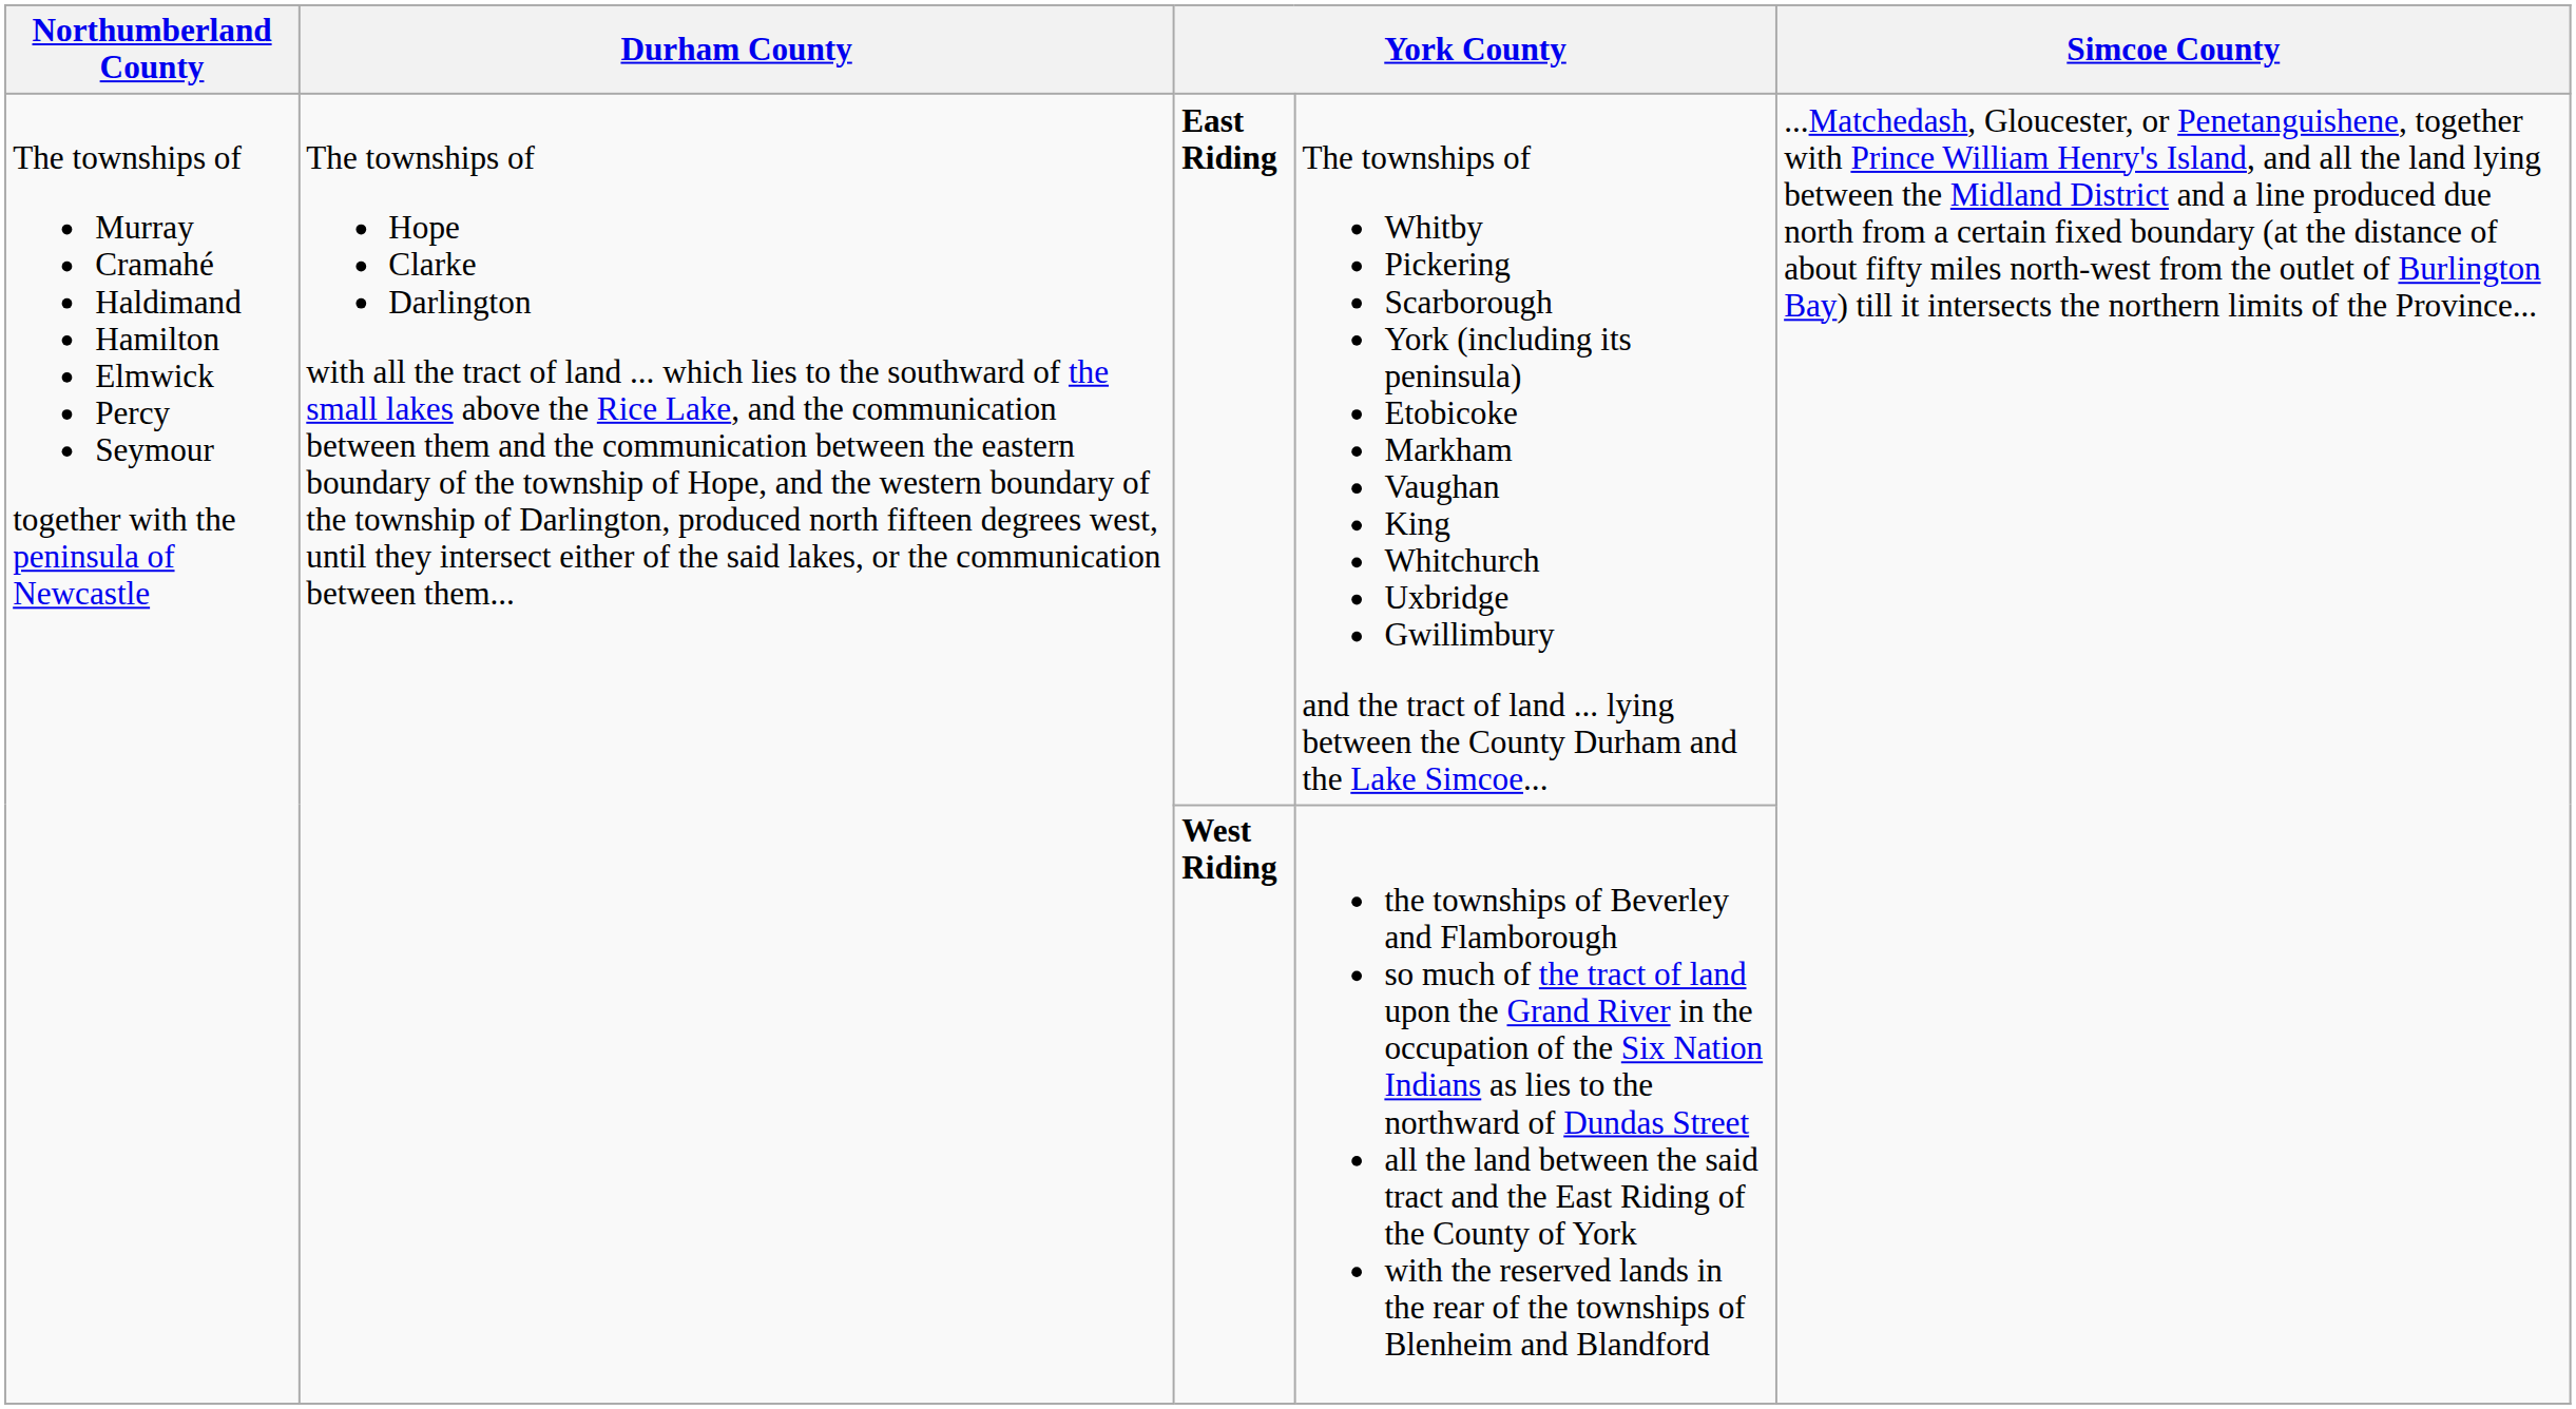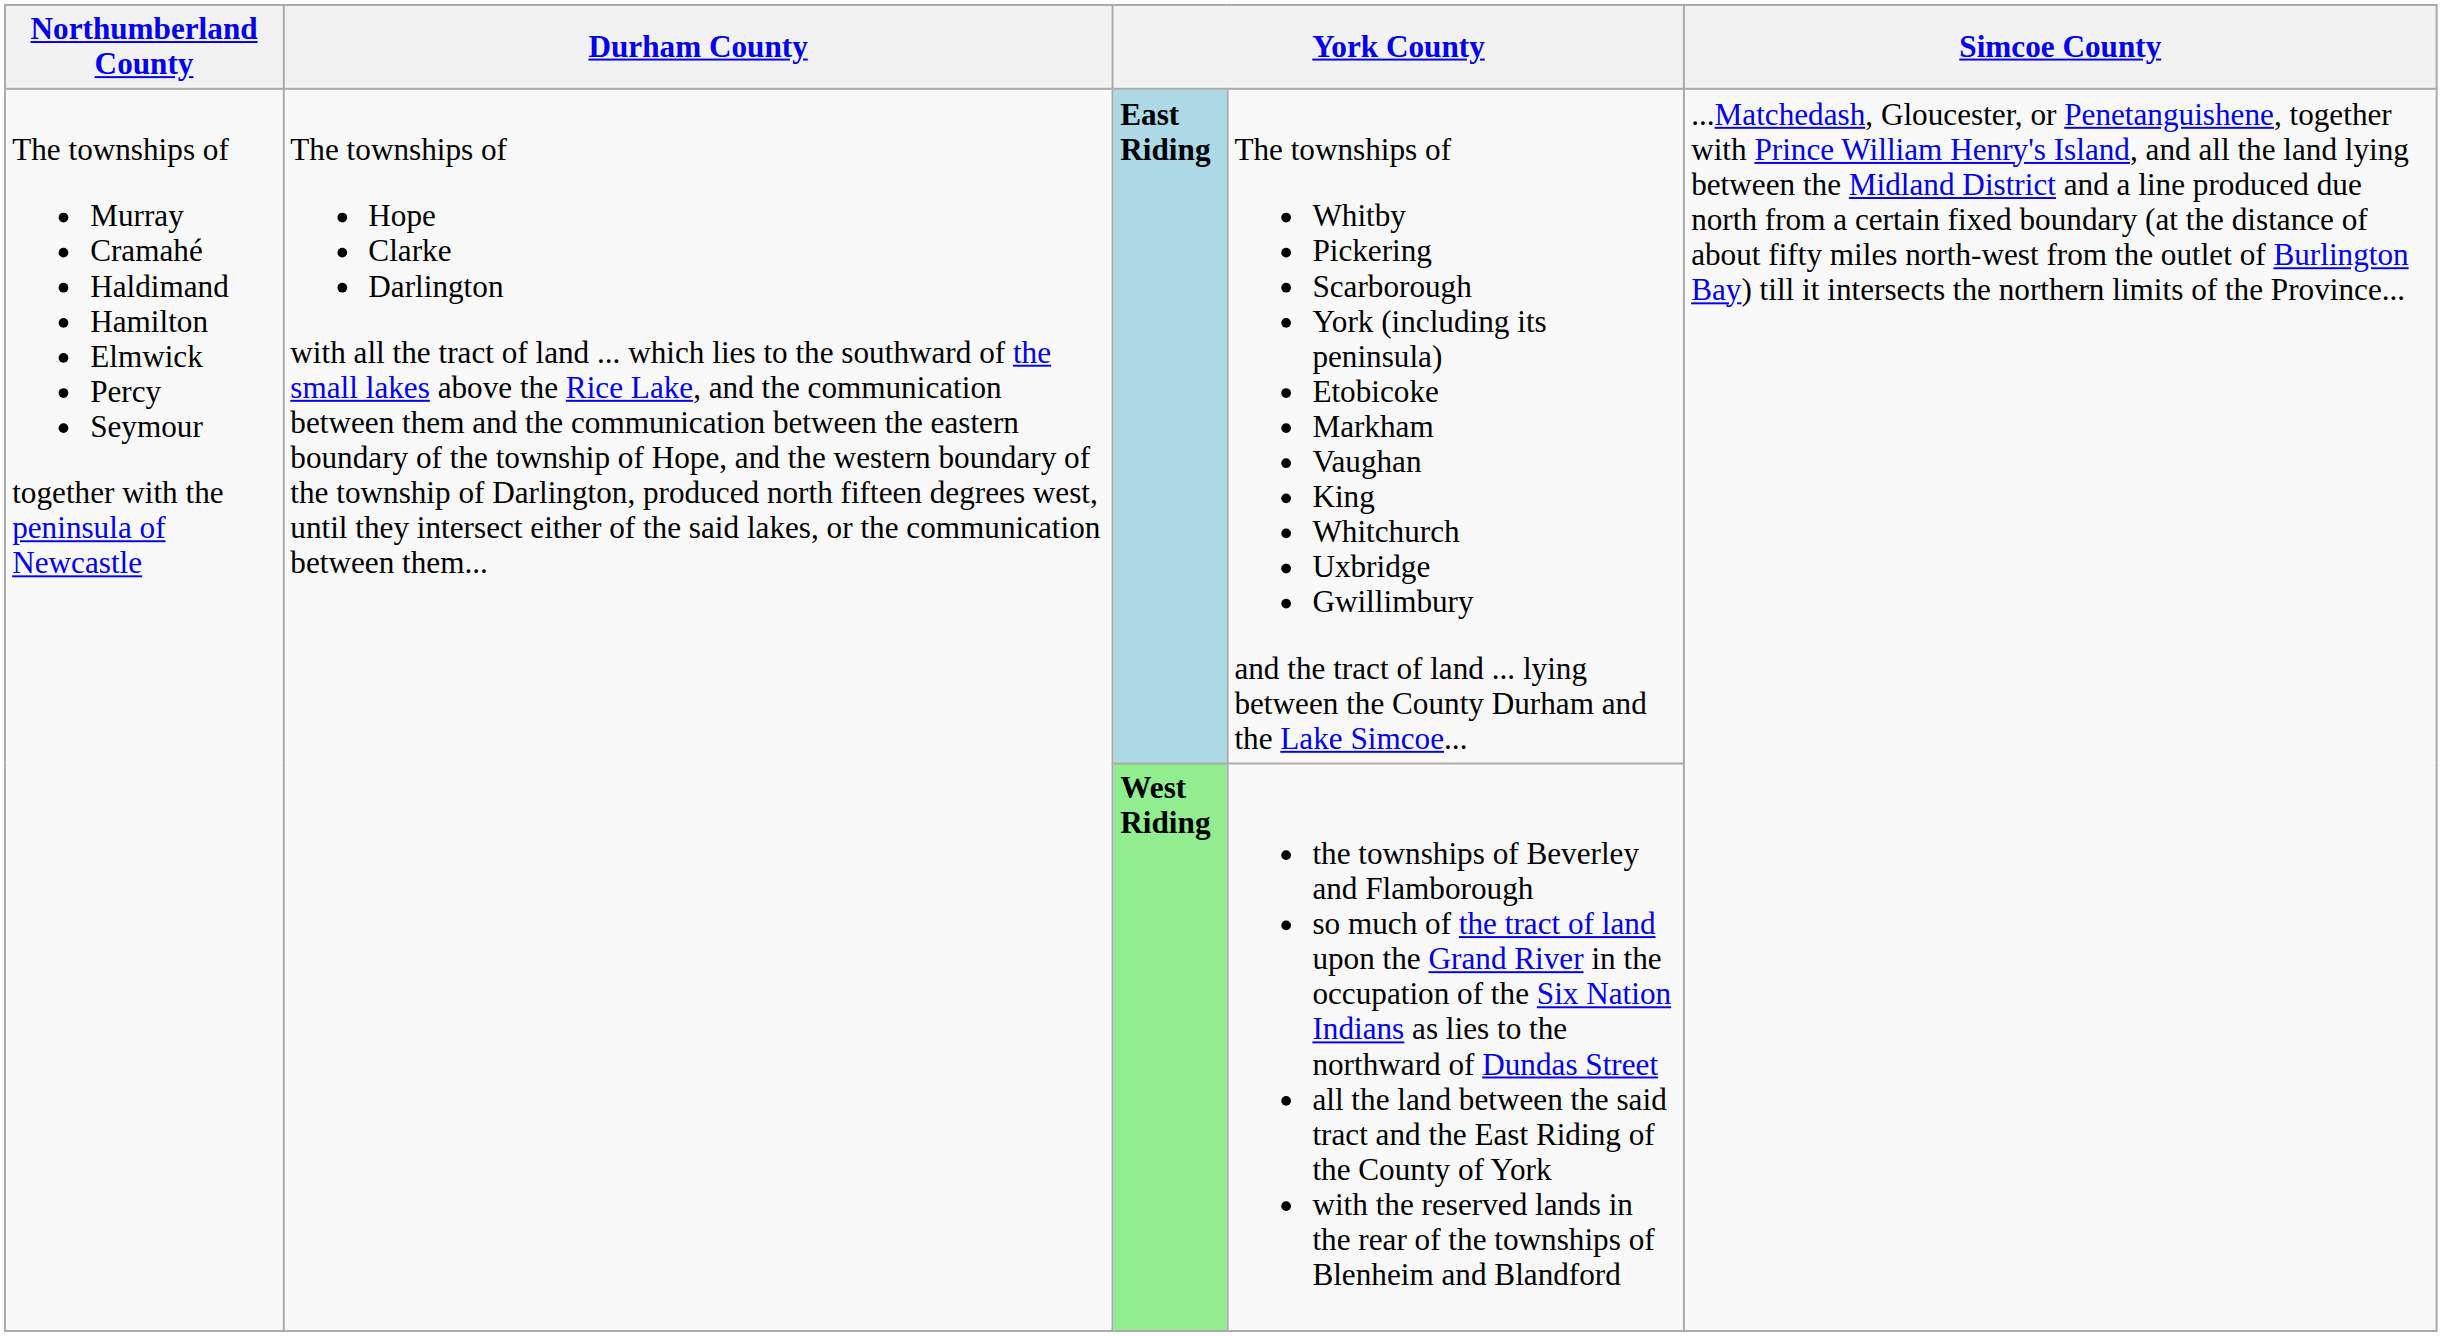 <table class="wikitable">
 <tr>
 <th><a href='#'>Northumberland County</a></th>
 <th><a href='#'>Durham County</a></th>
 <th colspan="2"><a href='#'>York County</a></th>
 <th><a href='#'>Simcoe County</a></th>
 </tr>
 <tr valign="top">
 <td rowspan="2"><br>The townships of <ul><li>Murray</li><li>Cramahé</li><li>Haldimand</li><li>Hamilton</li><li>Elmwick</li><li>Percy</li><li>Seymour</li></ul> together with the <a href='#'>peninsula of Newcastle</a></td>
 <td rowspan="2"><br>The townships of <ul><li>Hope</li><li>Clarke</li><li>Darlington</li></ul> with all the tract of land ... which lies to the southward of <a href='#'>the small lakes</a> above the <a href='#'>Rice Lake</a>, and the communication between them and the communication between the eastern boundary of the township of Hope, and the western boundary of the township of Darlington, produced north fifteen degrees west, until they intersect either of the said lakes, or the communication between them...</td>
-<td><strong>East Riding</strong></td>
+<td style="background: lightblue;"><strong>East Riding</strong></td>
 <td><br>The townships of <ul><li>Whitby</li><li>Pickering</li><li>Scarborough</li><li>York (including its peninsula)</li><li>Etobicoke</li><li>Markham</li><li>Vaughan</li><li>King</li><li>Whitchurch</li><li>Uxbridge</li><li>Gwillimbury</li></ul> and the tract of land ... lying between the County Durham and the <a href='#'>Lake Simcoe</a>...</td>
 <td rowspan="2">...<a href='#'>Matchedash</a>, Gloucester, or <a href='#'>Penetanguishene</a>, together with <a href='#'>Prince William Henry's Island</a>, and all the land lying between the <a href='#'>Midland District</a> and a line produced due north from a certain fixed boundary (at the distance of about fifty miles north-west from the outlet of <a href='#'>Burlington Bay</a>) till it intersects the northern limits of the Province...</td>
 </tr>
 <tr valign="top">
-<td><strong>West Riding</strong></td>
+<td style="background: lightgreen;"><strong>West Riding</strong></td>
 <td><br><ul><li>the townships of Beverley and Flamborough</li><li>so much of <a href='#'>the tract of land</a> upon the <a href='#'>Grand River</a> in the occupation of the <a href='#'>Six Nation Indians</a> as lies to the northward of <a href='#'>Dundas Street</a></li><li>all the land between the said tract and the East Riding of the County of York</li><li>with the reserved lands in the rear of the townships of Blenheim and Blandford</li></ul></td>
 </tr>
 </table>
